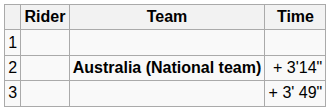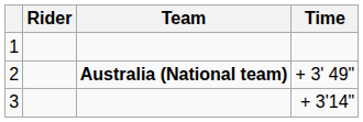 <table class="wikitable">
 <tr>
 <th></th>
 <th>Rider</th>
 <th>Team</th>
 <th>Time</th>
 </tr>
 <tr>
 <td>1</td>
 <td>  </td>
 <td></td>
 <td align="right"></td>
 </tr>
 <tr>
 <td>2</td>
 <td></td>
 <td><strong>Australia (National team)</strong></td>
-<td align="right">+ 3'14"</td>
+<td align="right">+ 3' 49"</td>
 </tr>
 <tr>
 <td>3</td>
 <td></td>
 <td></td>
-<td align="right">+ 3' 49"</td>
+<td align="right">+ 3'14"</td>
 </tr>
 <tr>
 </tr>
 </table>
